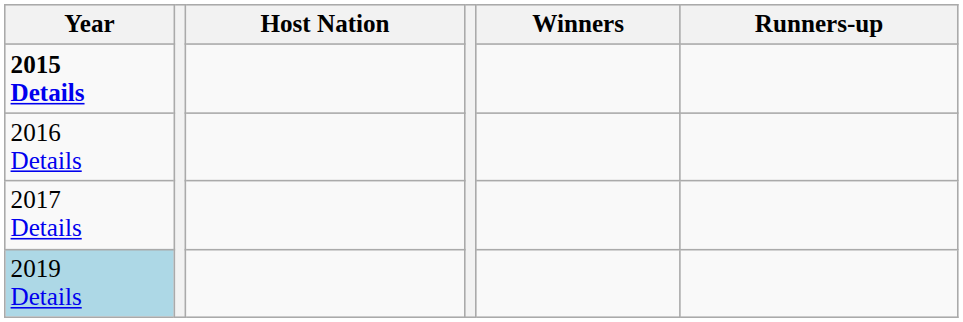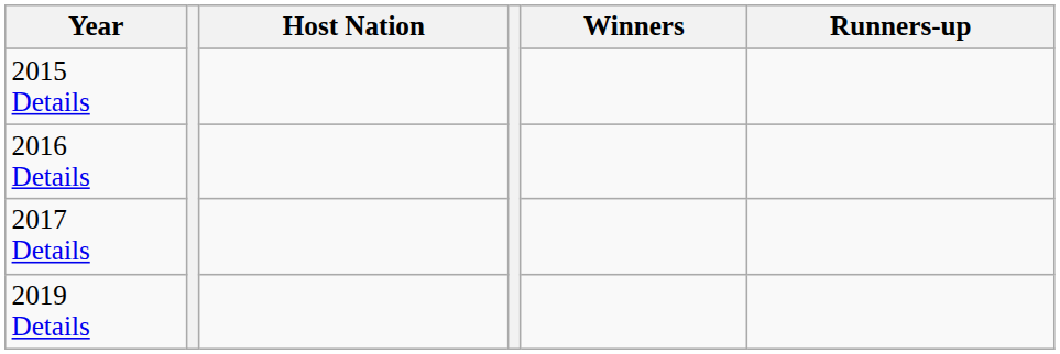 <table class="wikitable">
 <tr>
 <th>Year</th>
 <th width=1% rowspan=50 bgcolor=ffffff></th>
 <th>Host Nation</th>
 <th width=1% rowspan=50 bgcolor=ffffff></th>
 <th>Winners</th>
 <th>Runners-up</th>
 </tr>
 <tr>
-<td><strong>2015<br><a href='#'>Details</a></strong></td>
+<td>2015<br><a href='#'>Details</a></td>
 <td></td>
 <td></td>
 <td></td>
 </tr>
 <tr>
 <td>2016<br><a href='#'>Details</a></td>
 <td></td>
 <td></td>
 <td></td>
 </tr>
 <tr>
 <td>2017<br><a href='#'>Details</a></td>
 <td></td>
 <td></td>
 <td></td>
 </tr>
 <tr>
-<td style="background: lightblue;">2019<br><a href='#'>Details</a></td>
+<td>2019<br><a href='#'>Details</a></td>
 <td></td>
 <td></td>
 <td></td>
 </tr>
 </table>
